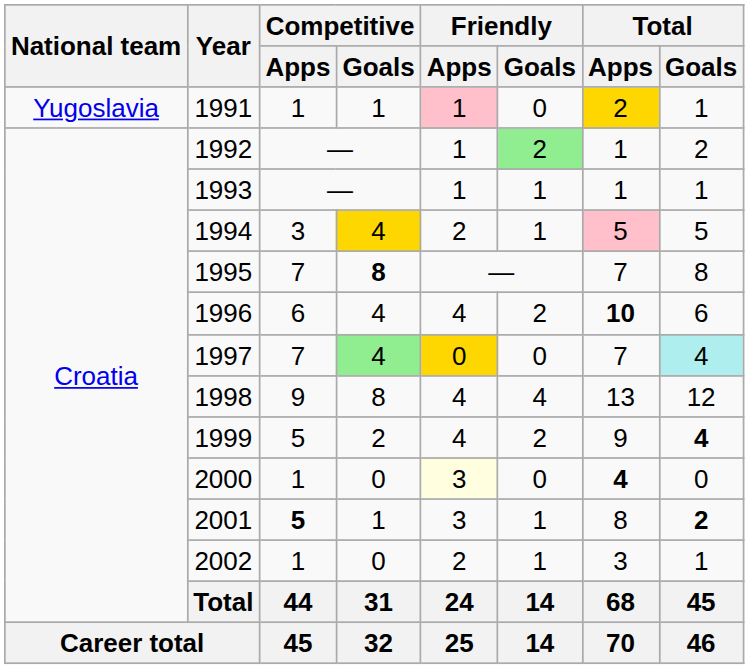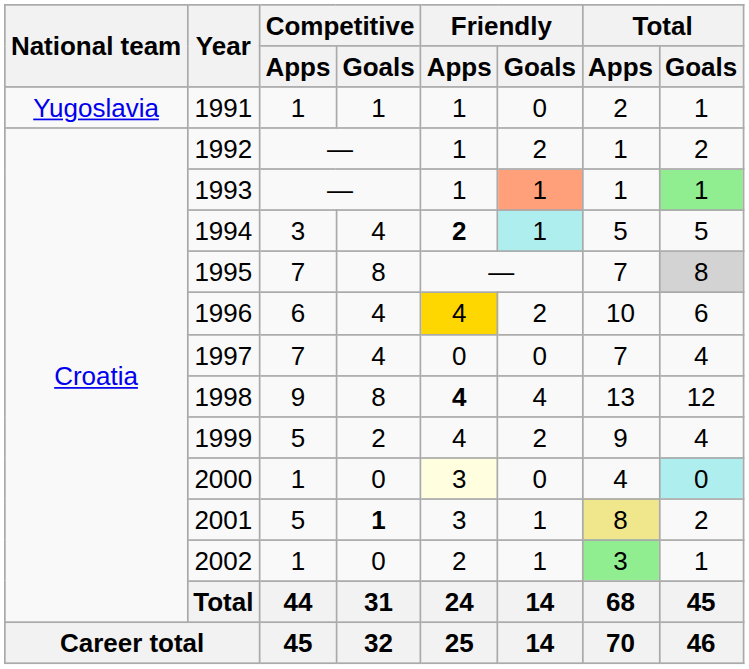 <table class="wikitable" style="text-align:center; font-size:95%">
 <tr>
 <th rowspan="2" scope="col">National team</th>
 <th rowspan="2" scope="col">Year</th>
 <th colspan="2" scope="colgroup">Competitive</th>
 <th colspan="2" scope="colgroup">Friendly</th>
 <th colspan="2" scope="colgroup">Total</th>
 </tr>
 <tr>
 <th scope="col">Apps</th>
 <th scope="col">Goals</th>
 <th scope="col">Apps</th>
 <th scope="col">Goals</th>
 <th scope="col">Apps</th>
 <th scope="col">Goals</th>
 </tr>
 <tr>
 <td scope="rowgroup"><a href='#'>Yugoslavia</a></td>
 <td>1991</td>
 <td>1</td>
 <td>1</td>
-<td style="background: pink;">1</td>
+<td>1</td>
 <td>0</td>
-<td style="background: gold;">2</td>
+<td>2</td>
 <td>1</td>
 </tr>
 <tr>
 <td rowspan="12" scope="rowgroup"><a href='#'>Croatia</a></td>
 <td>1992</td>
 <td colspan="2">—</td>
 <td>1</td>
-<td style="background: lightgreen;">2</td>
+<td>2</td>
 <td>1</td>
 <td>2</td>
 </tr>
 <tr>
 <td>1993</td>
 <td colspan="2">—</td>
 <td>1</td>
+<td style="background: lightsalmon;">1</td>
 <td>1</td>
-<td>1</td>
-<td>1</td>
+<td style="background: lightgreen;">1</td>
 </tr>
 <tr>
 <td>1994</td>
 <td>3</td>
-<td style="background: gold;">4</td>
-<td>2</td>
-<td>1</td>
-<td style="background: pink;">5</td>
+<td>4</td>
+<td><strong>2</strong></td>
+<td style="background: paleturquoise;">1</td>
+<td>5</td>
 <td>5</td>
 </tr>
 <tr>
 <td>1995</td>
 <td>7</td>
-<td><strong>8</strong></td>
+<td>8</td>
 <td colspan="2">—</td>
 <td>7</td>
-<td>8</td>
+<td style="background: lightgrey;">8</td>
 </tr>
 <tr>
 <td>1996</td>
 <td>6</td>
 <td>4</td>
-<td>4</td>
+<td style="background: gold;">4</td>
 <td>2</td>
-<td><strong>10</strong></td>
+<td>10</td>
 <td>6</td>
 </tr>
 <tr>
 <td>1997</td>
 <td>7</td>
-<td style="background: lightgreen;">4</td>
-<td style="background: gold;">0</td>
+<td>4</td>
+<td>0</td>
 <td>0</td>
 <td>7</td>
-<td style="background: paleturquoise;">4</td>
+<td>4</td>
 </tr>
 <tr>
 <td>1998</td>
 <td>9</td>
 <td>8</td>
-<td>4</td>
+<td><strong>4</strong></td>
 <td>4</td>
 <td>13</td>
 <td>12</td>
 </tr>
 <tr>
 <td>1999</td>
 <td>5</td>
 <td>2</td>
 <td>4</td>
 <td>2</td>
 <td>9</td>
-<td><strong>4</strong></td>
+<td>4</td>
 </tr>
 <tr>
 <td>2000</td>
 <td>1</td>
 <td>0</td>
 <td style="background: lightyellow;">3</td>
 <td>0</td>
-<td><strong>4</strong></td>
-<td>0</td>
+<td>4</td>
+<td style="background: paleturquoise;">0</td>
 </tr>
 <tr>
 <td>2001</td>
-<td><strong>5</strong></td>
-<td>1</td>
+<td>5</td>
+<td><strong>1</strong></td>
 <td>3</td>
 <td>1</td>
-<td>8</td>
-<td><strong>2</strong></td>
+<td style="background: khaki;">8</td>
+<td>2</td>
 </tr>
 <tr>
 <td>2002</td>
 <td>1</td>
 <td>0</td>
 <td>2</td>
 <td>1</td>
-<td>3</td>
+<td style="background: lightgreen;">3</td>
 <td>1</td>
 </tr>
 <tr>
 <th>Total</th>
 <th>44</th>
 <th>31</th>
 <th>24</th>
 <th>14</th>
 <th>68</th>
 <th>45</th>
 </tr>
 <tr>
 <th colspan="2" scope="row">Career total</th>
 <th>45</th>
 <th>32</th>
 <th>25</th>
 <th>14</th>
 <th>70</th>
 <th>46</th>
 </tr>
 </table>
